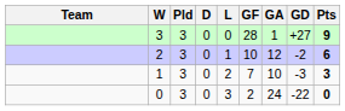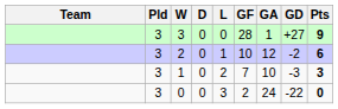 <table class="wikitable" style="text-align: center;">
 <tr>
 <th style="width:175px;">Team</th>
+<th width="20">Pld</th>
 <th width="20">W</th>
-<th width="20">Pld</th>
 <th width="20">D</th>
 <th width="20">L</th>
 <th width="20">GF</th>
 <th width="20">GA</th>
 <th width="20">GD</th>
 <th width="20">Pts</th>
 </tr>
 <tr style="background:#cfc;">
 <td style="text-align:left;"></td>
 <td>3</td>
 <td>3</td>
 <td>0</td>
 <td>0</td>
 <td>28</td>
 <td>1</td>
 <td>+27</td>
 <td><strong>9</strong></td>
 </tr>
 <tr style="background:#ccf;">
 <td style="text-align:left;"></td>
+<td>3</td>
 <td>2</td>
-<td>3</td>
 <td>0</td>
 <td>1</td>
 <td>10</td>
 <td>12</td>
 <td>-2</td>
 <td><strong>6</strong></td>
 </tr>
 <tr>
 <td style="text-align:left;"></td>
+<td>3</td>
 <td>1</td>
-<td>3</td>
 <td>0</td>
 <td>2</td>
 <td>7</td>
 <td>10</td>
 <td>-3</td>
 <td><strong>3</strong></td>
 </tr>
 <tr>
 <td style="text-align:left;"></td>
+<td>3</td>
 <td>0</td>
-<td>3</td>
 <td>0</td>
 <td>3</td>
 <td>2</td>
 <td>24</td>
 <td>-22</td>
 <td><strong>0</strong></td>
 </tr>
 </table>
